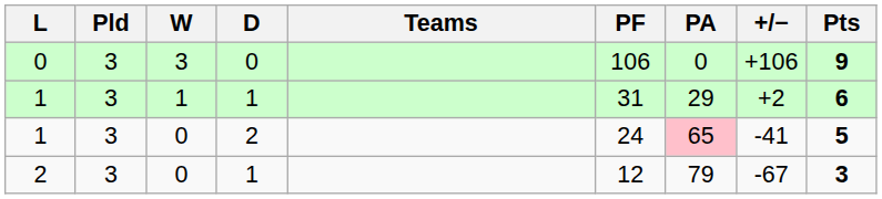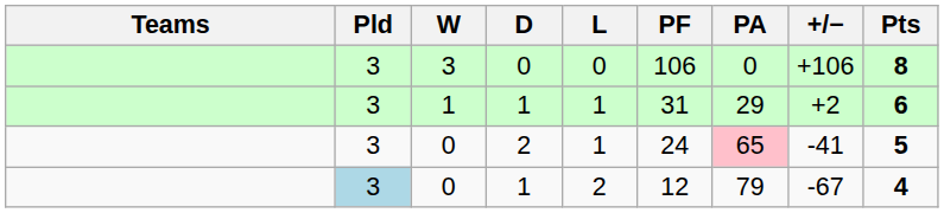 <table class="wikitable" style="text-align: center;">
 <tr>
-<th width="40">L</th>
+<th width="200">Teams</th>
 <th width="40">Pld</th>
 <th width="40">W</th>
 <th width="40">D</th>
-<th width="200">Teams</th>
+<th width="40">L</th>
 <th width="40">PF</th>
 <th width="40">PA</th>
 <th width="40">+/−</th>
 <th width="40">Pts</th>
 </tr>
 <tr bgcolor=#ccffcc>
-<td>0</td>
+<td align=left></td>
 <td>3</td>
 <td>3</td>
 <td>0</td>
-<td align=left></td>
+<td>0</td>
 <td>106</td>
 <td>0</td>
 <td>+106</td>
-<td><strong>9</strong></td>
+<td><strong>8</strong></td>
 </tr>
 <tr bgcolor=#ccffcc>
-<td>1</td>
+<td align=left></td>
 <td>3</td>
 <td>1</td>
 <td>1</td>
-<td align=left></td>
+<td>1</td>
 <td>31</td>
 <td>29</td>
 <td>+2</td>
 <td><strong>6</strong></td>
 </tr>
 <tr>
-<td>1</td>
+<td align=left></td>
 <td>3</td>
 <td>0</td>
 <td>2</td>
-<td align=left></td>
+<td>1</td>
 <td>24</td>
 <td style="background: pink;">65</td>
 <td>-41</td>
 <td><strong>5</strong></td>
 </tr>
 <tr>
-<td>2</td>
-<td>3</td>
+<td align=left></td>
+<td style="background: lightblue;">3</td>
 <td>0</td>
 <td>1</td>
-<td align=left></td>
+<td>2</td>
 <td>12</td>
 <td>79</td>
 <td>-67</td>
-<td><strong>3</strong></td>
+<td><strong>4</strong></td>
 </tr>
 </table>
